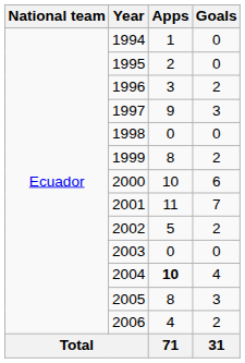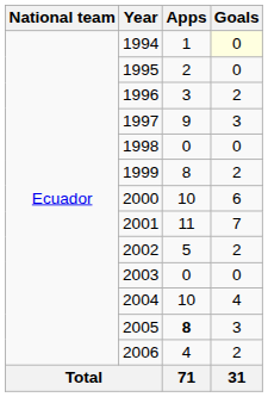 <table class="wikitable" style="text-align:center">
 <tr>
 <th>National team</th>
 <th>Year</th>
 <th>Apps</th>
 <th>Goals</th>
 </tr>
 <tr>
 <td rowspan="13"><a href='#'>Ecuador</a></td>
 <td>1994</td>
 <td>1</td>
-<td>0</td>
+<td style="background: lightyellow;">0</td>
 </tr>
 <tr>
 <td>1995</td>
 <td>2</td>
 <td>0</td>
 </tr>
 <tr>
 <td>1996</td>
 <td>3</td>
 <td>2</td>
 </tr>
 <tr>
 <td>1997</td>
 <td>9</td>
 <td>3</td>
 </tr>
 <tr>
 <td>1998</td>
 <td>0</td>
 <td>0</td>
 </tr>
 <tr>
 <td>1999</td>
 <td>8</td>
 <td>2</td>
 </tr>
 <tr>
 <td>2000</td>
 <td>10</td>
 <td>6</td>
 </tr>
 <tr>
 <td>2001</td>
 <td>11</td>
 <td>7</td>
 </tr>
 <tr>
 <td>2002</td>
 <td>5</td>
 <td>2</td>
 </tr>
 <tr>
 <td>2003</td>
 <td>0</td>
 <td>0</td>
 </tr>
 <tr>
 <td>2004</td>
-<td><strong>10</strong></td>
+<td>10</td>
 <td>4</td>
 </tr>
 <tr>
 <td>2005</td>
-<td>8</td>
+<td><strong>8</strong></td>
 <td>3</td>
 </tr>
 <tr>
 <td>2006</td>
 <td>4</td>
 <td>2</td>
 </tr>
 <tr>
 <th colspan="2">Total</th>
 <th>71</th>
 <th>31</th>
 </tr>
 </table>
